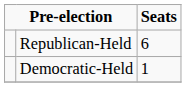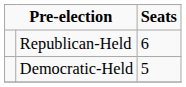 <table class= "wikitable">
 <tr>
 <td colspan= "2" rowspan= "1" align= "center" valign= "top"><strong>Pre-election</strong></td>
 <td valign= "top"><strong>Seats</strong><br></td>
 </tr>
 <tr>
 <td style="background-color:"> </td>
 <td>Republican-Held</td>
 <td>6</td>
 </tr>
 <tr>
 <td style="background-color:"> </td>
 <td>Democratic-Held</td>
-<td>1</td>
+<td>5</td>
 </tr>
 <tr>
 </tr>
 </table>
